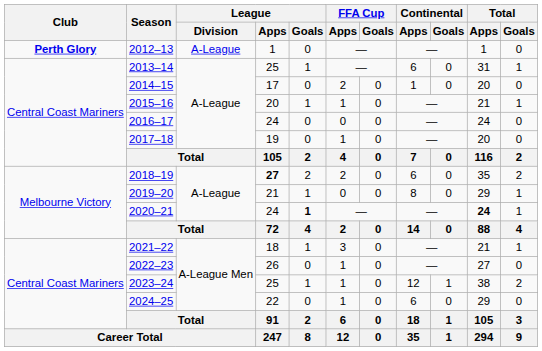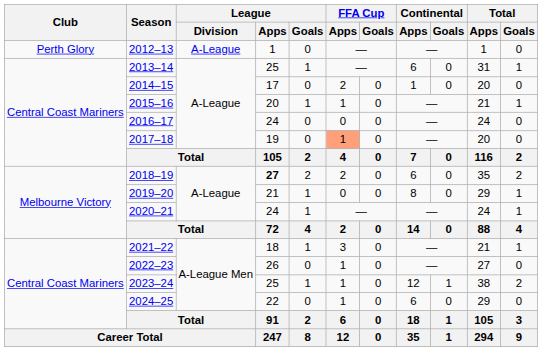 <table class="wikitable" style="text-align: center;">
 <tr>
 <th rowspan="2">Club</th>
 <th rowspan="2">Season</th>
 <th colspan="3">League</th>
 <th colspan="2"><a href='#'>FFA Cup</a></th>
 <th colspan="2">Continental</th>
 <th colspan="2">Total</th>
 </tr>
 <tr>
 <th>Division</th>
 <th>Apps</th>
 <th>Goals</th>
 <th>Apps</th>
 <th>Goals</th>
 <th>Apps</th>
 <th>Goals</th>
 <th>Apps</th>
 <th>Goals</th>
 </tr>
 <tr>
-<td><strong><a href='#'>Perth Glory</a></strong></td>
+<td><a href='#'>Perth Glory</a></td>
 <td><a href='#'>2012–13</a></td>
 <td><a href='#'>A-League</a></td>
 <td>1</td>
 <td>0</td>
 <td colspan="2">—</td>
 <td colspan="2">—</td>
 <td>1</td>
 <td>0</td>
 </tr>
 <tr>
 <td rowspan=6><a href='#'>Central Coast Mariners</a></td>
 <td><a href='#'>2013–14</a></td>
 <td rowspan=5>A-League</td>
 <td>25</td>
 <td>1</td>
 <td colspan="2">—</td>
 <td>6</td>
 <td>0</td>
 <td>31</td>
 <td>1</td>
 </tr>
 <tr>
 <td><a href='#'>2014–15</a></td>
 <td>17</td>
 <td>0</td>
 <td>2</td>
 <td>0</td>
 <td>1</td>
 <td>0</td>
 <td>20</td>
 <td>0</td>
 </tr>
 <tr>
 <td><a href='#'>2015–16</a></td>
 <td>20</td>
 <td>1</td>
 <td>1</td>
 <td>0</td>
 <td colspan="2">—</td>
 <td>21</td>
 <td>1</td>
 </tr>
 <tr>
 <td><a href='#'>2016–17</a></td>
 <td>24</td>
 <td>0</td>
 <td>0</td>
 <td>0</td>
 <td colspan="2">—</td>
 <td>24</td>
 <td>0</td>
 </tr>
 <tr>
 <td><a href='#'>2017–18</a></td>
 <td>19</td>
 <td>0</td>
-<td>1</td>
+<td style="background: lightsalmon;">1</td>
 <td>0</td>
 <td colspan="2">—</td>
 <td>20</td>
 <td>0</td>
 </tr>
 <tr>
 <th colspan=2>Total</th>
 <th>105</th>
 <th>2</th>
 <th>4</th>
 <th>0</th>
 <th>7</th>
 <th>0</th>
 <th>116</th>
 <th>2</th>
 </tr>
 <tr>
 <td rowspan=4><a href='#'>Melbourne Victory</a></td>
 <td><a href='#'>2018–19</a></td>
 <td rowspan=3>A-League</td>
 <td><strong>27</strong></td>
 <td>2</td>
 <td>2</td>
 <td>0</td>
 <td>6</td>
 <td>0</td>
 <td>35</td>
 <td>2</td>
 </tr>
 <tr>
 <td><a href='#'>2019–20</a></td>
 <td>21</td>
 <td>1</td>
 <td>0</td>
 <td>0</td>
 <td>8</td>
 <td>0</td>
 <td>29</td>
 <td>1</td>
 </tr>
 <tr>
 <td><a href='#'>2020–21</a></td>
 <td>24</td>
-<td><strong>1</strong></td>
+<td>1</td>
 <td colspan="2">—</td>
 <td colspan="2">—</td>
-<td><strong>24</strong></td>
+<td>24</td>
 <td>1</td>
 </tr>
 <tr>
 <th colspan=2>Total</th>
 <th>72</th>
 <th>4</th>
 <th>2</th>
 <th>0</th>
 <th>14</th>
 <th>0</th>
 <th>88</th>
 <th>4</th>
 </tr>
 <tr>
 <td rowspan=5><a href='#'>Central Coast Mariners</a></td>
 <td><a href='#'>2021–22</a></td>
 <td rowspan=4>A-League Men</td>
 <td>18</td>
 <td>1</td>
 <td>3</td>
 <td>0</td>
 <td colspan="2">—</td>
 <td>21</td>
 <td>1</td>
 </tr>
 <tr>
 <td><a href='#'>2022–23</a></td>
 <td>26</td>
 <td>0</td>
 <td>1</td>
 <td>0</td>
 <td colspan="2">—</td>
 <td>27</td>
 <td>0</td>
 </tr>
 <tr>
 <td><a href='#'>2023–24</a></td>
 <td>25</td>
 <td>1</td>
 <td>1</td>
 <td>0</td>
 <td>12</td>
 <td>1</td>
 <td>38</td>
 <td>2</td>
 </tr>
 <tr>
 <td><a href='#'>2024–25</a></td>
 <td>22</td>
 <td>0</td>
 <td>1</td>
 <td>0</td>
 <td>6</td>
 <td>0</td>
 <td>29</td>
 <td>0</td>
 </tr>
 <tr>
 <th colspan=2>Total</th>
 <th>91</th>
 <th>2</th>
 <th>6</th>
 <th>0</th>
 <th>18</th>
 <th>1</th>
 <th>105</th>
 <th>3</th>
 </tr>
 <tr>
 <th colspan=3>Career Total</th>
 <th>247</th>
 <th>8</th>
 <th>12</th>
 <th>0</th>
 <th>35</th>
 <th>1</th>
 <th>294</th>
 <th>9</th>
 </tr>
 </table>
